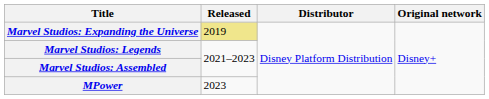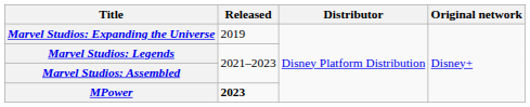 <table class="wikitable plainrowheaders defaultleft">
 <tr>
 <th scope="col">Title</th>
 <th scope="col">Released</th>
 <th scope="col">Distributor</th>
 <th scope="col">Original network</th>
 </tr>
 <tr>
 <th scope="row"><em><a href='#'>Marvel Studios: Expanding the Universe</a></em></th>
-<td style="background: khaki;">2019</td>
+<td>2019</td>
 <td rowspan="4"><a href='#'>Disney Platform Distribution</a></td>
 <td rowspan="4"><a href='#'>Disney+</a></td>
 </tr>
 <tr>
 <th scope="row"><em><a href='#'>Marvel Studios: Legends</a></em></th>
 <td rowspan="2">2021–2023</td>
 </tr>
 <tr>
 <th scope="row"><em><a href='#'>Marvel Studios: Assembled</a></em></th>
 </tr>
 <tr>
 <th scope="row"><em><a href='#'>MPower</a></em></th>
-<td>2023</td>
+<td><strong>2023</strong></td>
 </tr>
 </table>
